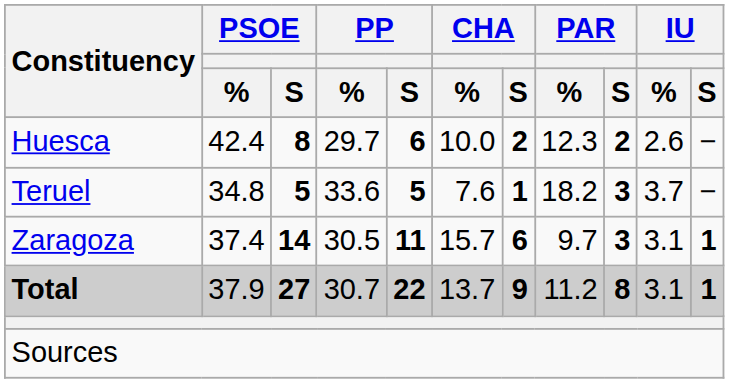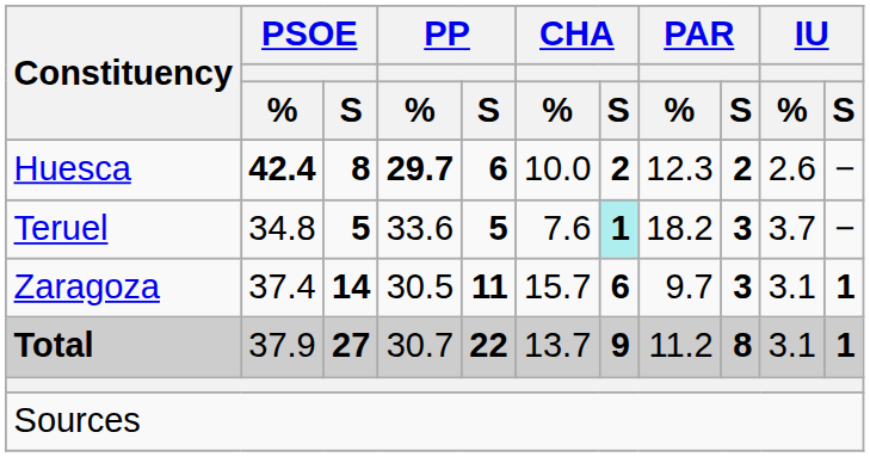 <table class="wikitable sortable" style="text-align:right; line-height:20px;">
 <tr>
 <th rowspan="3">Constituency</th>
 <th colspan="2" width="30px" class="unsortable"><a href='#'>PSOE</a></th>
 <th colspan="2" width="30px" class="unsortable"><a href='#'>PP</a></th>
 <th colspan="2" width="30px" class="unsortable"><a href='#'>CHA</a></th>
 <th colspan="2" width="30px" class="unsortable"><a href='#'>PAR</a></th>
 <th colspan="2" width="30px" class="unsortable"><a href='#'>IU</a></th>
 </tr>
 <tr>
 <th colspan="2" style="background:"></th>
 <th colspan="2" style="background:"></th>
 <th colspan="2" style="background:"></th>
 <th colspan="2" style="background:"></th>
 <th colspan="2" style="background:"></th>
 </tr>
 <tr>
 <th data-sort-type="number">%</th>
 <th data-sort-type="number">S</th>
 <th data-sort-type="number">%</th>
 <th data-sort-type="number">S</th>
 <th data-sort-type="number">%</th>
 <th data-sort-type="number">S</th>
 <th data-sort-type="number">%</th>
 <th data-sort-type="number">S</th>
 <th data-sort-type="number">%</th>
 <th data-sort-type="number">S</th>
 </tr>
 <tr>
 <td align="left"><a href='#'>Huesca</a></td>
-<td style="background:">42.4</td>
+<td style="background:"><strong>42.4</strong></td>
 <td><strong>8</strong></td>
-<td>29.7</td>
+<td><strong>29.7</strong></td>
 <td><strong>6</strong></td>
 <td>10.0</td>
 <td><strong>2</strong></td>
 <td>12.3</td>
 <td><strong>2</strong></td>
 <td>2.6</td>
 <td>−</td>
 </tr>
 <tr>
 <td align="left"><a href='#'>Teruel</a></td>
 <td style="background:">34.8</td>
 <td><strong>5</strong></td>
 <td>33.6</td>
 <td><strong>5</strong></td>
 <td>7.6</td>
-<td><strong>1</strong></td>
+<td style="background: paleturquoise;"><strong>1</strong></td>
 <td>18.2</td>
 <td><strong>3</strong></td>
 <td>3.7</td>
 <td>−</td>
 </tr>
 <tr>
 <td align="left"><a href='#'>Zaragoza</a></td>
 <td style="background:">37.4</td>
 <td><strong>14</strong></td>
 <td>30.5</td>
 <td><strong>11</strong></td>
 <td>15.7</td>
 <td><strong>6</strong></td>
 <td>9.7</td>
 <td><strong>3</strong></td>
 <td>3.1</td>
 <td><strong>1</strong></td>
 </tr>
 <tr style="background:#CDCDCD;">
 <td align="left"><strong>Total</strong></td>
 <td style="background:">37.9</td>
 <td><strong>27</strong></td>
 <td>30.7</td>
 <td><strong>22</strong></td>
 <td>13.7</td>
 <td><strong>9</strong></td>
 <td>11.2</td>
 <td><strong>8</strong></td>
 <td>3.1</td>
 <td><strong>1</strong></td>
 </tr>
 <tr>
 <th colspan="11"></th>
 </tr>
 <tr>
 <th style="text-align:left; font-weight:normal; background:#F9F9F9" colspan="11">Sources</th>
 </tr>
 </table>
